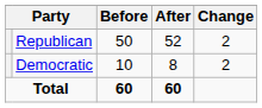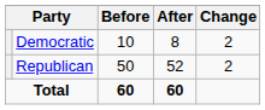 <table class="wikitable" style="text-align:center;">
 <tr>
 </tr>
 <tr>
 <th colspan=2>Party</th>
 <th>Before</th>
 <th>After</th>
 <th>Change</th>
 </tr>
 <tr>
 <th style="background-color:"></th>
-<td style="text-align:left;"><a href='#'>Republican</a></td>
-<td>50</td>
-<td>52</td>
+<td style="text-align:left;"><a href='#'>Democratic</a></td>
+<td>10</td>
+<td>8</td>
 <td> 2</td>
 </tr>
 <tr>
 <th style="background-color:"></th>
-<td style="text-align:left;"><a href='#'>Democratic</a></td>
-<td>10</td>
-<td>8</td>
+<td style="text-align:left;"><a href='#'>Republican</a></td>
+<td>50</td>
+<td>52</td>
 <td> 2</td>
 </tr>
 <tr>
 <td colspan=2><strong>Total</strong></td>
 <td><strong>60</strong></td>
 <td><strong>60</strong></td>
 <td></td>
 </tr>
 </table>
